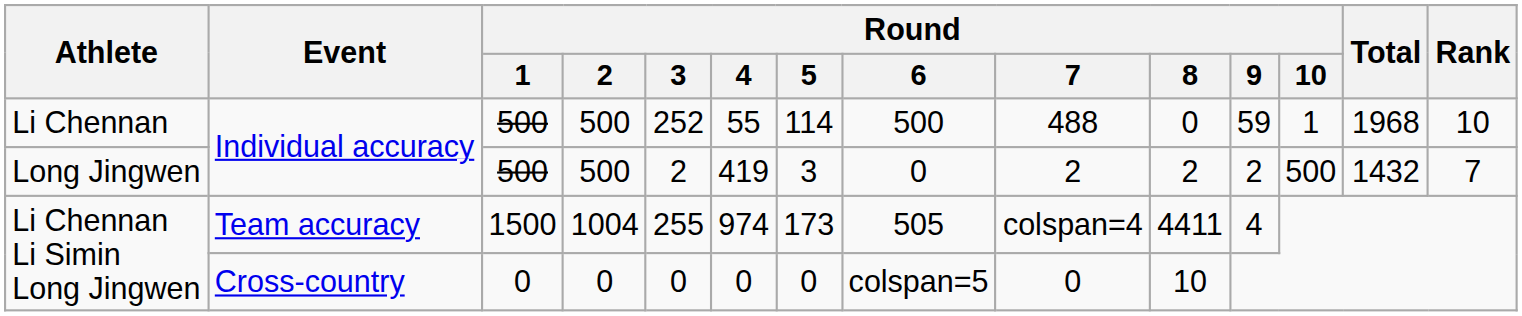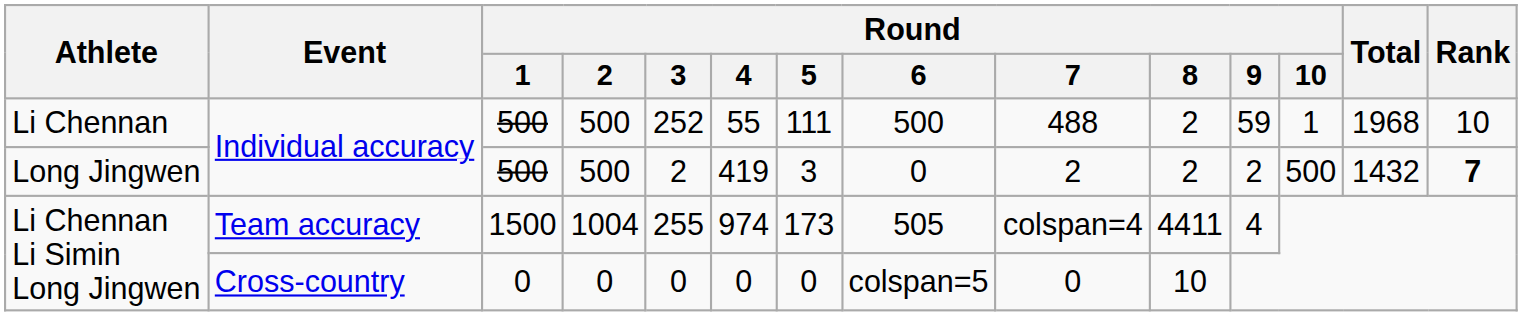 <table class=wikitable style=font-size:90%;text-align:center>
 <tr>
 <th rowspan="2">Athlete</th>
 <th rowspan="2">Event</th>
 <th colspan=10>Round</th>
 <th rowspan=2>Total</th>
 <th rowspan=2>Rank</th>
 </tr>
 <tr style="font-size:95%">
 <th>1</th>
 <th>2</th>
 <th>3</th>
 <th>4</th>
 <th>5</th>
 <th>6</th>
 <th>7</th>
 <th>8</th>
 <th>9</th>
 <th>10</th>
 </tr>
 <tr>
 <td align=left>Li Chennan</td>
 <td align=left rowspan=2><a href='#'>Individual accuracy</a></td>
 <td><s>500</s></td>
 <td>500</td>
 <td>252</td>
 <td>55</td>
-<td>114</td>
+<td>111</td>
 <td>500</td>
 <td>488</td>
-<td>0</td>
+<td>2</td>
 <td>59</td>
 <td>1</td>
 <td>1968</td>
 <td>10</td>
 </tr>
 <tr>
 <td align=left>Long Jingwen</td>
 <td><s>500</s></td>
 <td>500</td>
 <td>2</td>
 <td>419</td>
 <td>3</td>
 <td>0</td>
 <td>2</td>
 <td>2</td>
 <td>2</td>
 <td>500</td>
 <td>1432</td>
-<td>7</td>
+<td><strong>7</strong></td>
 </tr>
 <tr>
 <td align=left rowspan=2>Li Chennan<br>Li Simin<br>Long Jingwen</td>
 <td align=left><a href='#'>Team accuracy</a></td>
 <td>1500</td>
 <td>1004</td>
 <td>255</td>
 <td>974</td>
 <td>173</td>
 <td>505</td>
 <td>colspan=4 </td>
 <td>4411</td>
 <td>4</td>
 </tr>
 <tr>
 <td align=left><a href='#'>Cross-country</a></td>
 <td>0</td>
 <td>0</td>
 <td>0</td>
 <td>0</td>
 <td>0</td>
 <td>colspan=5 </td>
 <td>0</td>
 <td>10</td>
 </tr>
 </table>
